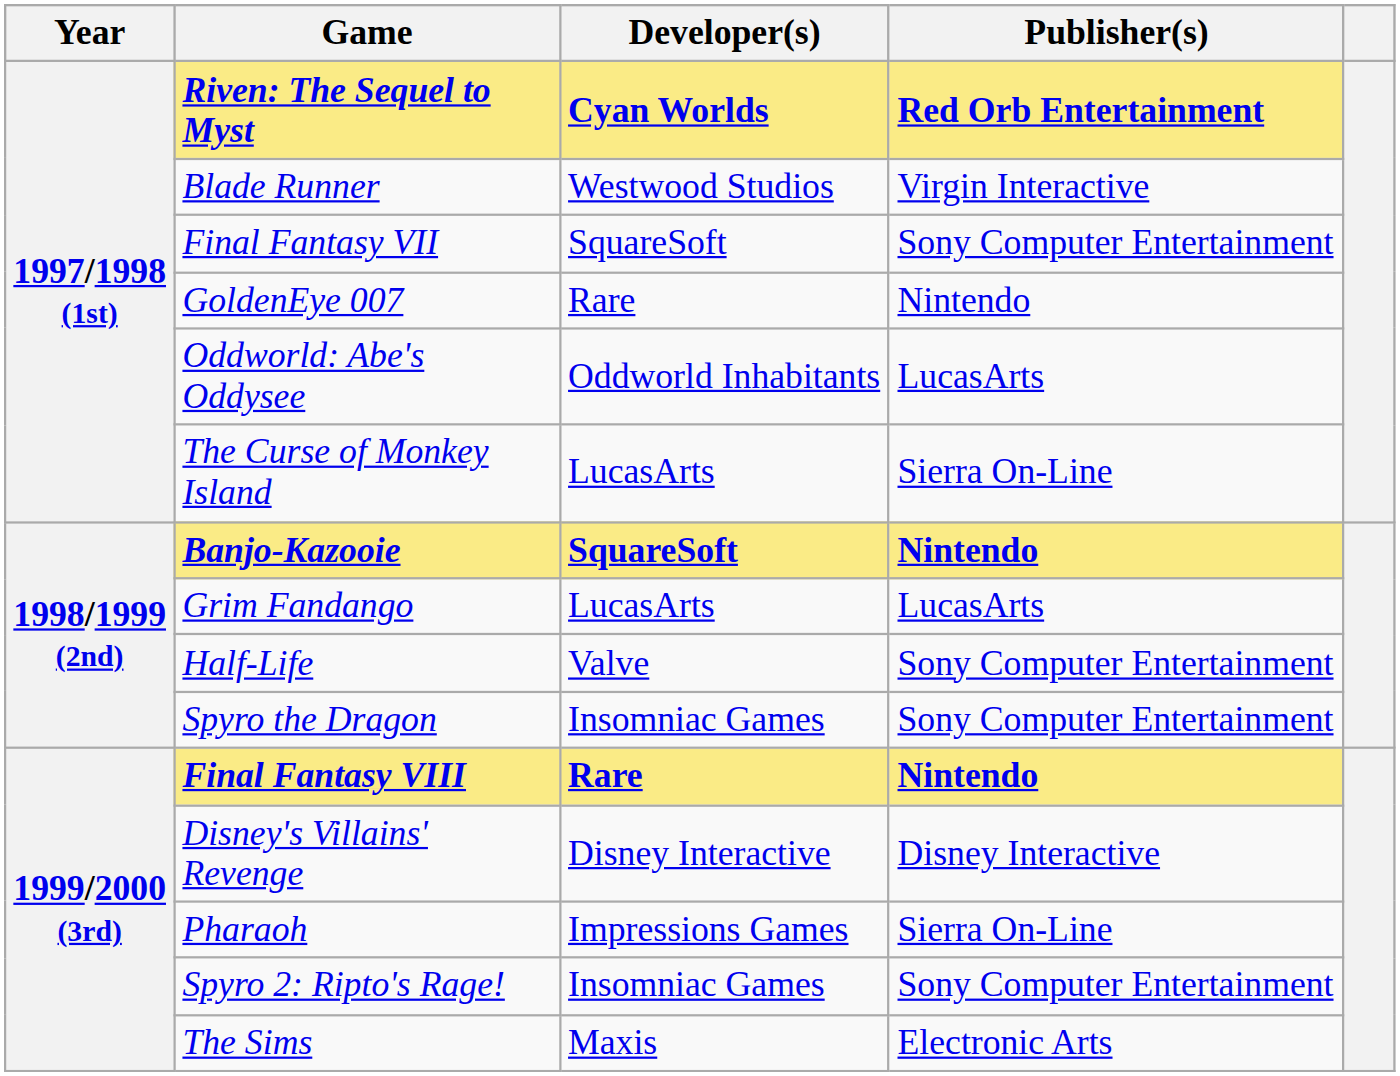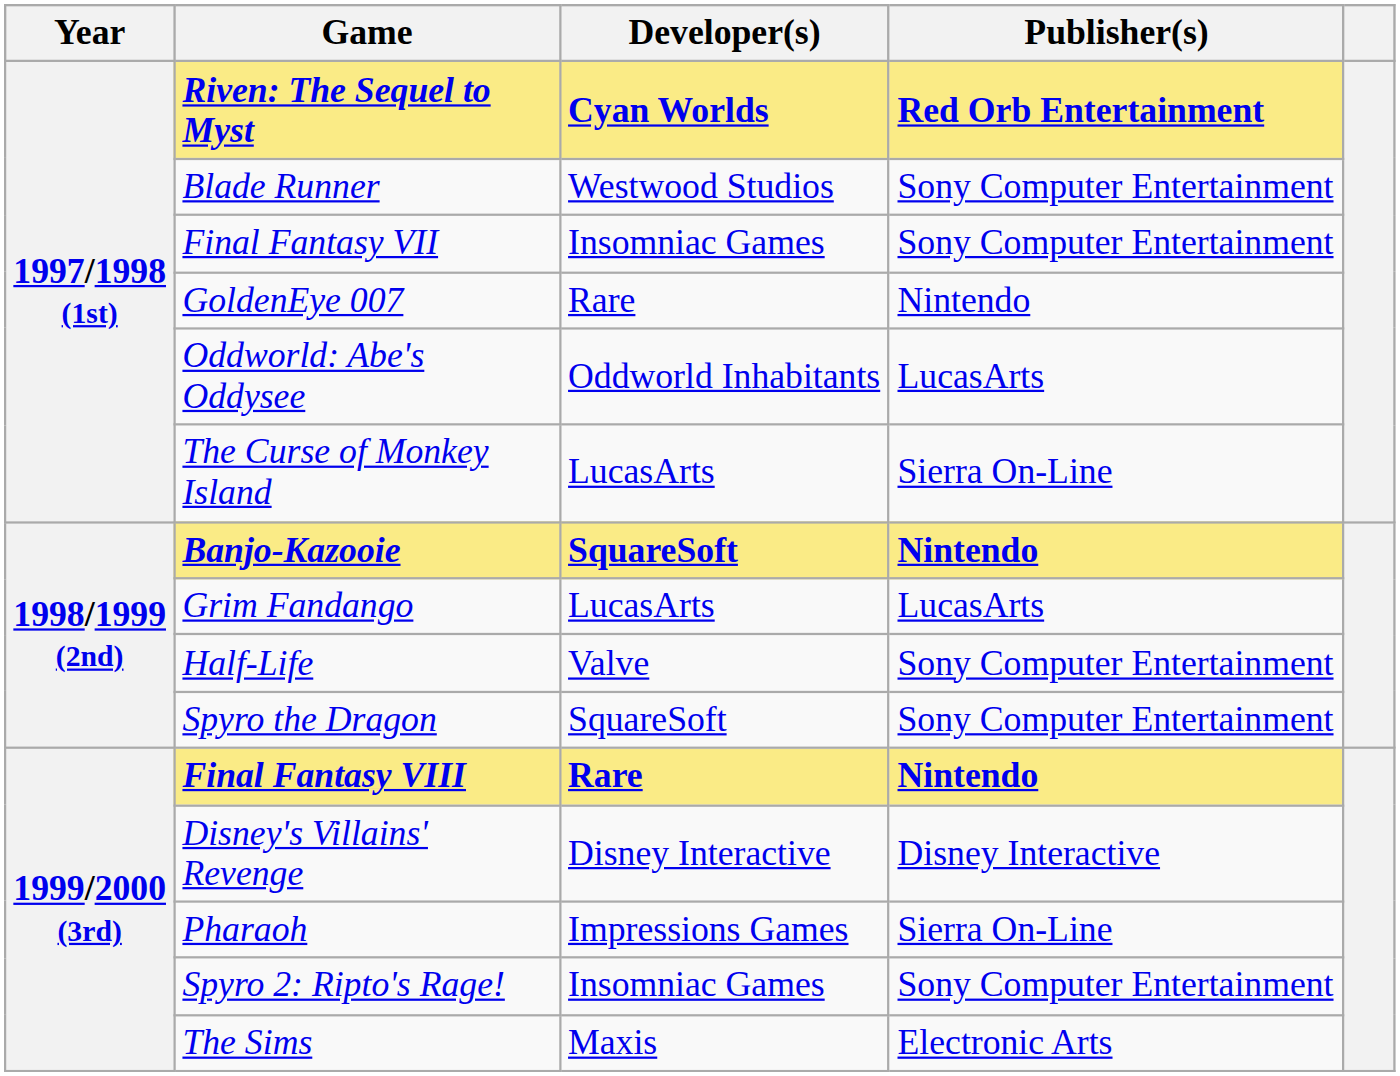 <table class="wikitable sortable" rowspan=2 style="width:100%;;">
 <tr style="background:#bebebe;">
 <th scope="col" style="width:6%;">Year</th>
 <th scope="col" style="width:30%;">Game</th>
 <th scope="col" style="width:25%;">Developer(s)</th>
 <th scope="col" style="width:35%;">Publisher(s)</th>
 <th scope="col" style="width:4%;" class="unsortable"></th>
 </tr>
 <tr>
 <th scope="row" rowspan="6" style="text-align:center"><a href='#'>1997</a>/<a href='#'>1998</a> <br><small><a href='#'>(1st)</a> </small></th>
 <td style="background:#FAEB86"><strong><em><a href='#'>Riven: The Sequel to Myst</a></em></strong></td>
 <td style="background:#FAEB86"><strong><a href='#'>Cyan Worlds</a></strong></td>
 <td style="background:#FAEB86"><strong><a href='#'>Red Orb Entertainment</a></strong></td>
 <th scope="row" rowspan="6" style="text-align;center;"></th>
 </tr>
 <tr>
 <td><em><a href='#'>Blade Runner</a></em></td>
 <td><a href='#'>Westwood Studios</a></td>
-<td><a href='#'>Virgin Interactive</a></td>
+<td><a href='#'>Sony Computer Entertainment</a></td>
 </tr>
 <tr>
 <td><em><a href='#'>Final Fantasy VII</a></em></td>
-<td><a href='#'>SquareSoft</a></td>
+<td><a href='#'>Insomniac Games</a></td>
 <td><a href='#'>Sony Computer Entertainment</a></td>
 </tr>
 <tr>
 <td><em><a href='#'>GoldenEye 007</a></em></td>
 <td><a href='#'>Rare</a></td>
 <td><a href='#'>Nintendo</a></td>
 </tr>
 <tr>
 <td><em><a href='#'>Oddworld: Abe's Oddysee</a></em></td>
 <td><a href='#'>Oddworld Inhabitants</a></td>
 <td><a href='#'>LucasArts</a></td>
 </tr>
 <tr>
 <td><em><a href='#'>The Curse of Monkey Island</a></em></td>
 <td><a href='#'>LucasArts</a></td>
 <td><a href='#'>Sierra On-Line</a></td>
 </tr>
 <tr>
 <th scope="row" rowspan="4" style="text-align:center"><a href='#'>1998</a>/<a href='#'>1999</a> <br><small><a href='#'>(2nd)</a> </small></th>
 <td style="background:#FAEB86"><strong><em><a href='#'>Banjo-Kazooie</a></em></strong></td>
 <td style="background:#FAEB86"><strong><a href='#'>SquareSoft</a></strong></td>
 <td style="background:#FAEB86"><strong><a href='#'>Nintendo</a></strong></td>
 <th scope="row" rowspan="4" style="text-align;center;"></th>
 </tr>
 <tr>
 <td><em><a href='#'>Grim Fandango</a></em></td>
 <td><a href='#'>LucasArts</a></td>
 <td><a href='#'>LucasArts</a></td>
 </tr>
 <tr>
 <td><em><a href='#'>Half-Life</a></em></td>
 <td><a href='#'>Valve</a></td>
 <td><a href='#'>Sony Computer Entertainment</a></td>
 </tr>
 <tr>
 <td><em><a href='#'>Spyro the Dragon</a></em></td>
-<td><a href='#'>Insomniac Games</a></td>
+<td><a href='#'>SquareSoft</a></td>
 <td><a href='#'>Sony Computer Entertainment</a></td>
 </tr>
 <tr>
 <th scope="row" rowspan="5" style="text-align:center"><a href='#'>1999</a>/<a href='#'>2000</a> <br><small><a href='#'>(3rd)</a> </small></th>
 <td style="background:#FAEB86"><strong><em><a href='#'>Final Fantasy VIII</a></em></strong></td>
 <td style="background:#FAEB86"><strong><a href='#'>Rare</a></strong></td>
 <td style="background:#FAEB86"><strong><a href='#'>Nintendo</a></strong></td>
 <th scope="row" rowspan="5" style="text-align;center;"></th>
 </tr>
 <tr>
 <td><em><a href='#'>Disney's Villains' Revenge</a></em></td>
 <td><a href='#'>Disney Interactive</a></td>
 <td><a href='#'>Disney Interactive</a></td>
 </tr>
 <tr>
 <td><em><a href='#'>Pharaoh</a></em></td>
 <td><a href='#'>Impressions Games</a></td>
 <td><a href='#'>Sierra On-Line</a></td>
 </tr>
 <tr>
 <td><em><a href='#'>Spyro 2: Ripto's Rage!</a></em></td>
 <td><a href='#'>Insomniac Games</a></td>
 <td><a href='#'>Sony Computer Entertainment</a></td>
 </tr>
 <tr>
 <td><em><a href='#'>The Sims</a></em></td>
 <td><a href='#'>Maxis</a></td>
 <td><a href='#'>Electronic Arts</a></td>
 </tr>
 </table>
